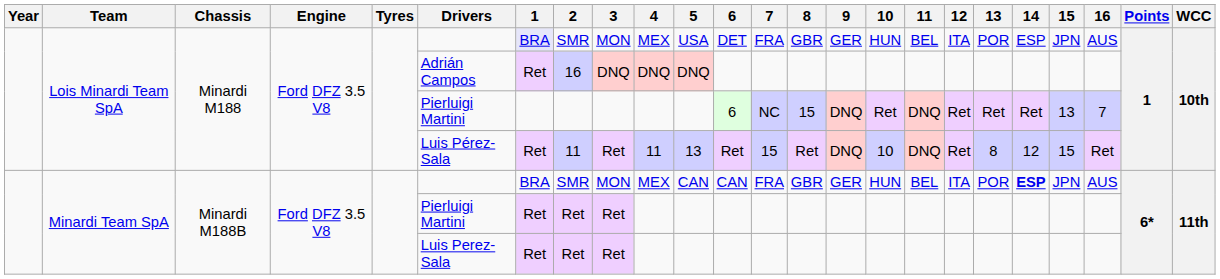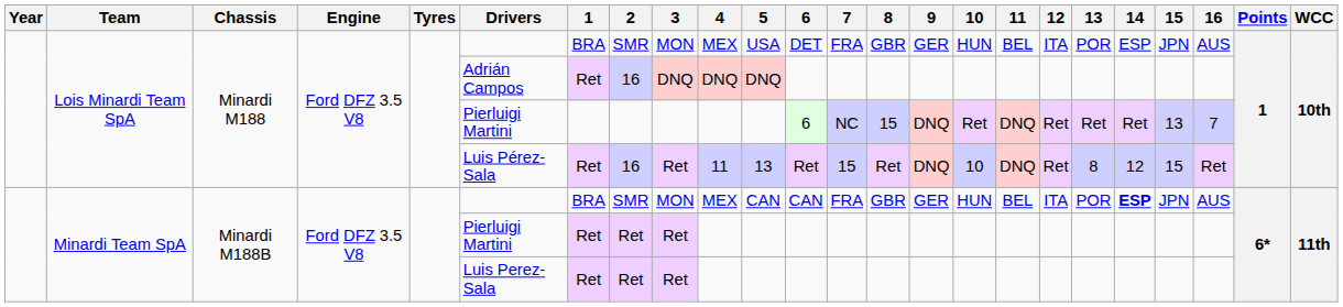 <table class="wikitable" style="text-align:center; font-size:95%">
 <tr>
 <th>Year</th>
 <th>Team</th>
 <th>Chassis</th>
 <th>Engine</th>
 <th>Tyres</th>
 <th>Drivers</th>
 <th>1</th>
 <th>2</th>
 <th>3</th>
 <th>4</th>
 <th>5</th>
 <th>6</th>
 <th>7</th>
 <th>8</th>
 <th>9</th>
 <th>10</th>
 <th>11</th>
 <th>12</th>
 <th>13</th>
 <th>14</th>
 <th>15</th>
 <th>16</th>
 <th><a href='#'>Points</a></th>
 <th>WCC</th>
 </tr>
 <tr>
 <td rowspan="4"></td>
 <td rowspan="4"><a href='#'>Lois Minardi Team SpA</a></td>
 <td rowspan="4">Minardi M188</td>
 <td rowspan="4"><a href='#'>Ford</a> <a href='#'>DFZ</a> 3.5 <a href='#'>V8</a></td>
 <td rowspan="4"></td>
 <td></td>
-<td style="background: lavender;"><a href='#'>BRA</a></td>
+<td><a href='#'>BRA</a></td>
 <td><a href='#'>SMR</a></td>
 <td><a href='#'>MON</a></td>
 <td><a href='#'>MEX</a></td>
 <td><a href='#'>USA</a></td>
 <td><a href='#'>DET</a></td>
 <td><a href='#'>FRA</a></td>
 <td><a href='#'>GBR</a></td>
 <td><a href='#'>GER</a></td>
 <td><a href='#'>HUN</a></td>
 <td><a href='#'>BEL</a></td>
 <td><a href='#'>ITA</a></td>
 <td><a href='#'>POR</a></td>
 <td><a href='#'>ESP</a></td>
 <td><a href='#'>JPN</a></td>
 <td><a href='#'>AUS</a></td>
 <th rowspan="4">1</th>
 <th rowspan="4">10th</th>
 </tr>
 <tr>
 <td style="text-align:left"> <a href='#'>Adrián Campos</a></td>
 <td style="background:#EFCFFF">Ret</td>
 <td style="background:#CFCFFF">16</td>
 <td style="background:#FFCFCF">DNQ</td>
 <td style="background:#FFCFCF">DNQ</td>
 <td style="background:#FFCFCF">DNQ</td>
 <td></td>
 <td></td>
 <td></td>
 <td></td>
 <td></td>
 <td></td>
 <td></td>
 <td></td>
 <td></td>
 <td></td>
 <td></td>
 </tr>
 <tr>
 <td style="text-align:left"> <a href='#'>Pierluigi Martini</a></td>
 <td></td>
 <td></td>
 <td></td>
 <td></td>
 <td></td>
 <td style="background:#DFFFDF">6</td>
 <td style="background:#CFCFFF">NC</td>
 <td style="background:#CFCFFF">15</td>
 <td style="background:#FFCFCF">DNQ</td>
 <td style="background:#EFCFFF">Ret</td>
 <td style="background:#FFCFCF">DNQ</td>
 <td style="background:#EFCFFF">Ret</td>
 <td style="background:#EFCFFF">Ret</td>
 <td style="background:#EFCFFF">Ret</td>
 <td style="background:#CFCFFF">13</td>
 <td style="background:#CFCFFF">7</td>
 </tr>
 <tr>
 <td style="text-align:left"> <a href='#'>Luis Pérez-Sala</a></td>
 <td style="background:#EFCFFF">Ret</td>
-<td style="background:#CFCFFF">11</td>
+<td style="background:#CFCFFF">16</td>
 <td style="background:#EFCFFF">Ret</td>
 <td style="background:#CFCFFF">11</td>
 <td style="background:#CFCFFF">13</td>
 <td style="background:#EFCFFF">Ret</td>
 <td style="background:#CFCFFF">15</td>
 <td style="background:#EFCFFF">Ret</td>
 <td style="background:#FFCFCF">DNQ</td>
 <td style="background:#CFCFFF">10</td>
 <td style="background:#FFCFCF">DNQ</td>
 <td style="background:#EFCFFF">Ret</td>
 <td style="background:#CFCFFF">8</td>
 <td style="background:#CFCFFF">12</td>
 <td style="background:#CFCFFF">15</td>
 <td style="background:#EFCFFF">Ret</td>
 </tr>
 <tr>
 <td rowspan="3"></td>
 <td rowspan="3"><a href='#'>Minardi Team SpA</a></td>
 <td rowspan="3">Minardi M188B</td>
 <td rowspan="3"><a href='#'>Ford</a> <a href='#'>DFZ</a> 3.5 <a href='#'>V8</a></td>
 <td rowspan="3"></td>
 <td></td>
 <td><a href='#'>BRA</a></td>
 <td><a href='#'>SMR</a></td>
 <td><a href='#'>MON</a></td>
 <td><a href='#'>MEX</a></td>
 <td><a href='#'>CAN</a></td>
 <td><a href='#'>CAN</a></td>
 <td><a href='#'>FRA</a></td>
 <td><a href='#'>GBR</a></td>
 <td><a href='#'>GER</a></td>
 <td><a href='#'>HUN</a></td>
 <td><a href='#'>BEL</a></td>
 <td><a href='#'>ITA</a></td>
 <td><a href='#'>POR</a></td>
 <td><strong><a href='#'>ESP</a></strong></td>
 <td><a href='#'>JPN</a></td>
 <td><a href='#'>AUS</a></td>
 <th rowspan="3">6*</th>
 <th rowspan="3">11th</th>
 </tr>
 <tr>
 <td align="left"> <a href='#'>Pierluigi Martini</a></td>
 <td style="background:#EFCFFF;">Ret</td>
 <td style="background:#EFCFFF;">Ret</td>
 <td style="background:#EFCFFF;">Ret</td>
 <td></td>
 <td></td>
 <td></td>
 <td></td>
 <td></td>
 <td></td>
 <td></td>
 <td></td>
 <td></td>
 <td></td>
 <td></td>
 <td></td>
 <td></td>
 </tr>
 <tr>
 <td align="left"> <a href='#'>Luis Perez-Sala</a></td>
 <td style="background:#EFCFFF;">Ret</td>
 <td style="background:#EFCFFF;">Ret</td>
 <td style="background:#EFCFFF;">Ret</td>
 <td></td>
 <td></td>
 <td></td>
 <td></td>
 <td></td>
 <td></td>
 <td></td>
 <td></td>
 <td></td>
 <td></td>
 <td></td>
 <td></td>
 <td></td>
 </tr>
 </table>
